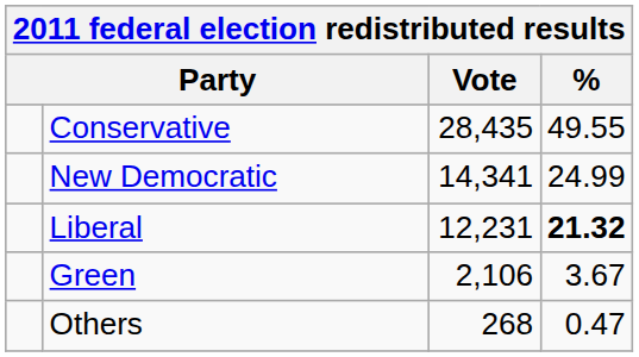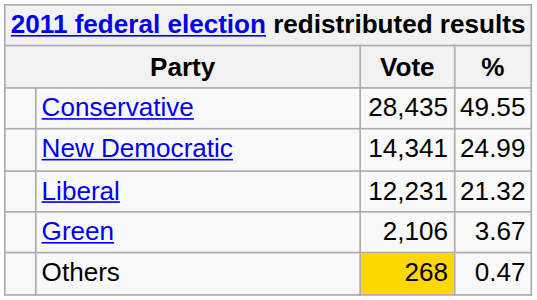 <table class="wikitable">
 <tr>
 <th colspan="4"><a href='#'>2011 federal election</a> redistributed results</th>
 </tr>
 <tr>
 <th width="130" bgcolor="#ddddff" colspan="2">Party</th>
 <th width="50" bgcolor="#ddddff">Vote</th>
 <th width="30" bgcolor="#ddddff">%</th>
 </tr>
 <tr>
 <td> </td>
 <td><a href='#'>Conservative</a></td>
 <td align=right>28,435</td>
 <td align=right>49.55</td>
 </tr>
 <tr>
 <td> </td>
 <td><a href='#'>New Democratic</a></td>
 <td align=right>14,341</td>
 <td align=right>24.99</td>
 </tr>
 <tr>
 <td> </td>
 <td><a href='#'>Liberal</a></td>
 <td align=right>12,231</td>
-<td align=right><strong>21.32</strong></td>
+<td align=right>21.32</td>
 </tr>
 <tr>
 <td> </td>
 <td><a href='#'>Green</a></td>
 <td align=right>2,106</td>
 <td align=right>3.67</td>
 </tr>
 <tr>
 <td> </td>
 <td>Others</td>
-<td align=right>268</td>
+<td align=right style="background: gold;">268</td>
 <td align=right>0.47</td>
 </tr>
 </table>
